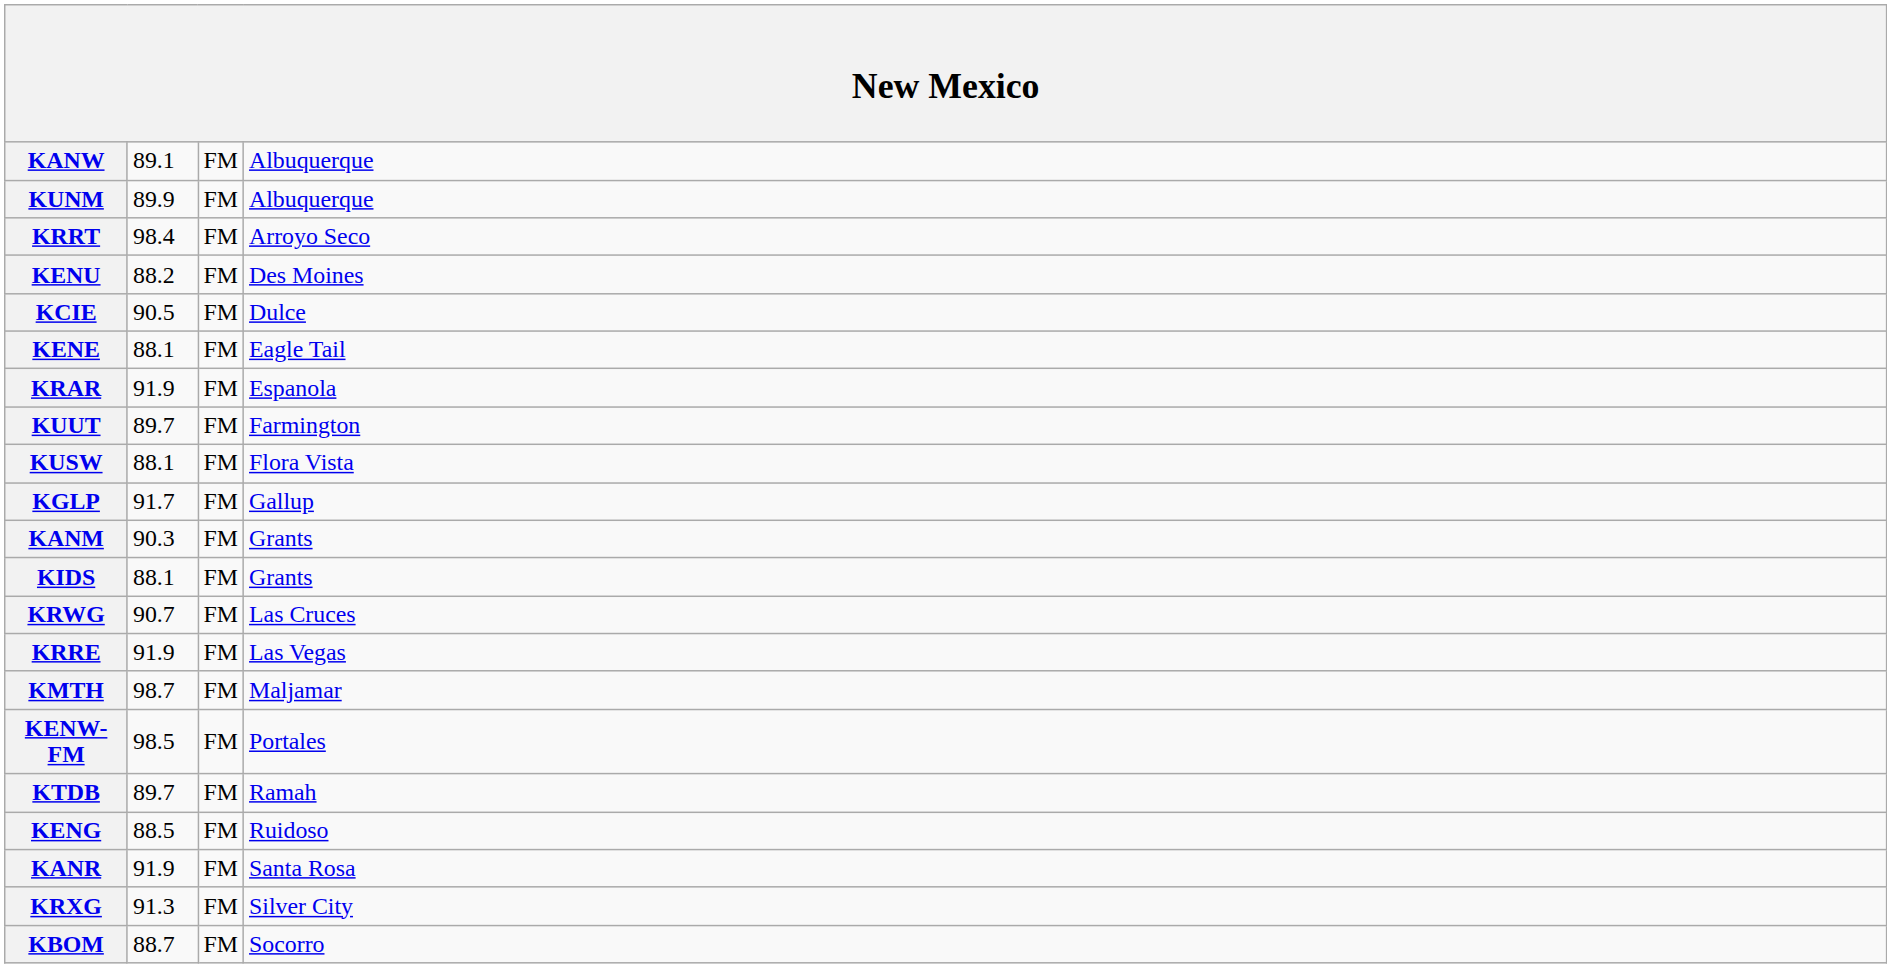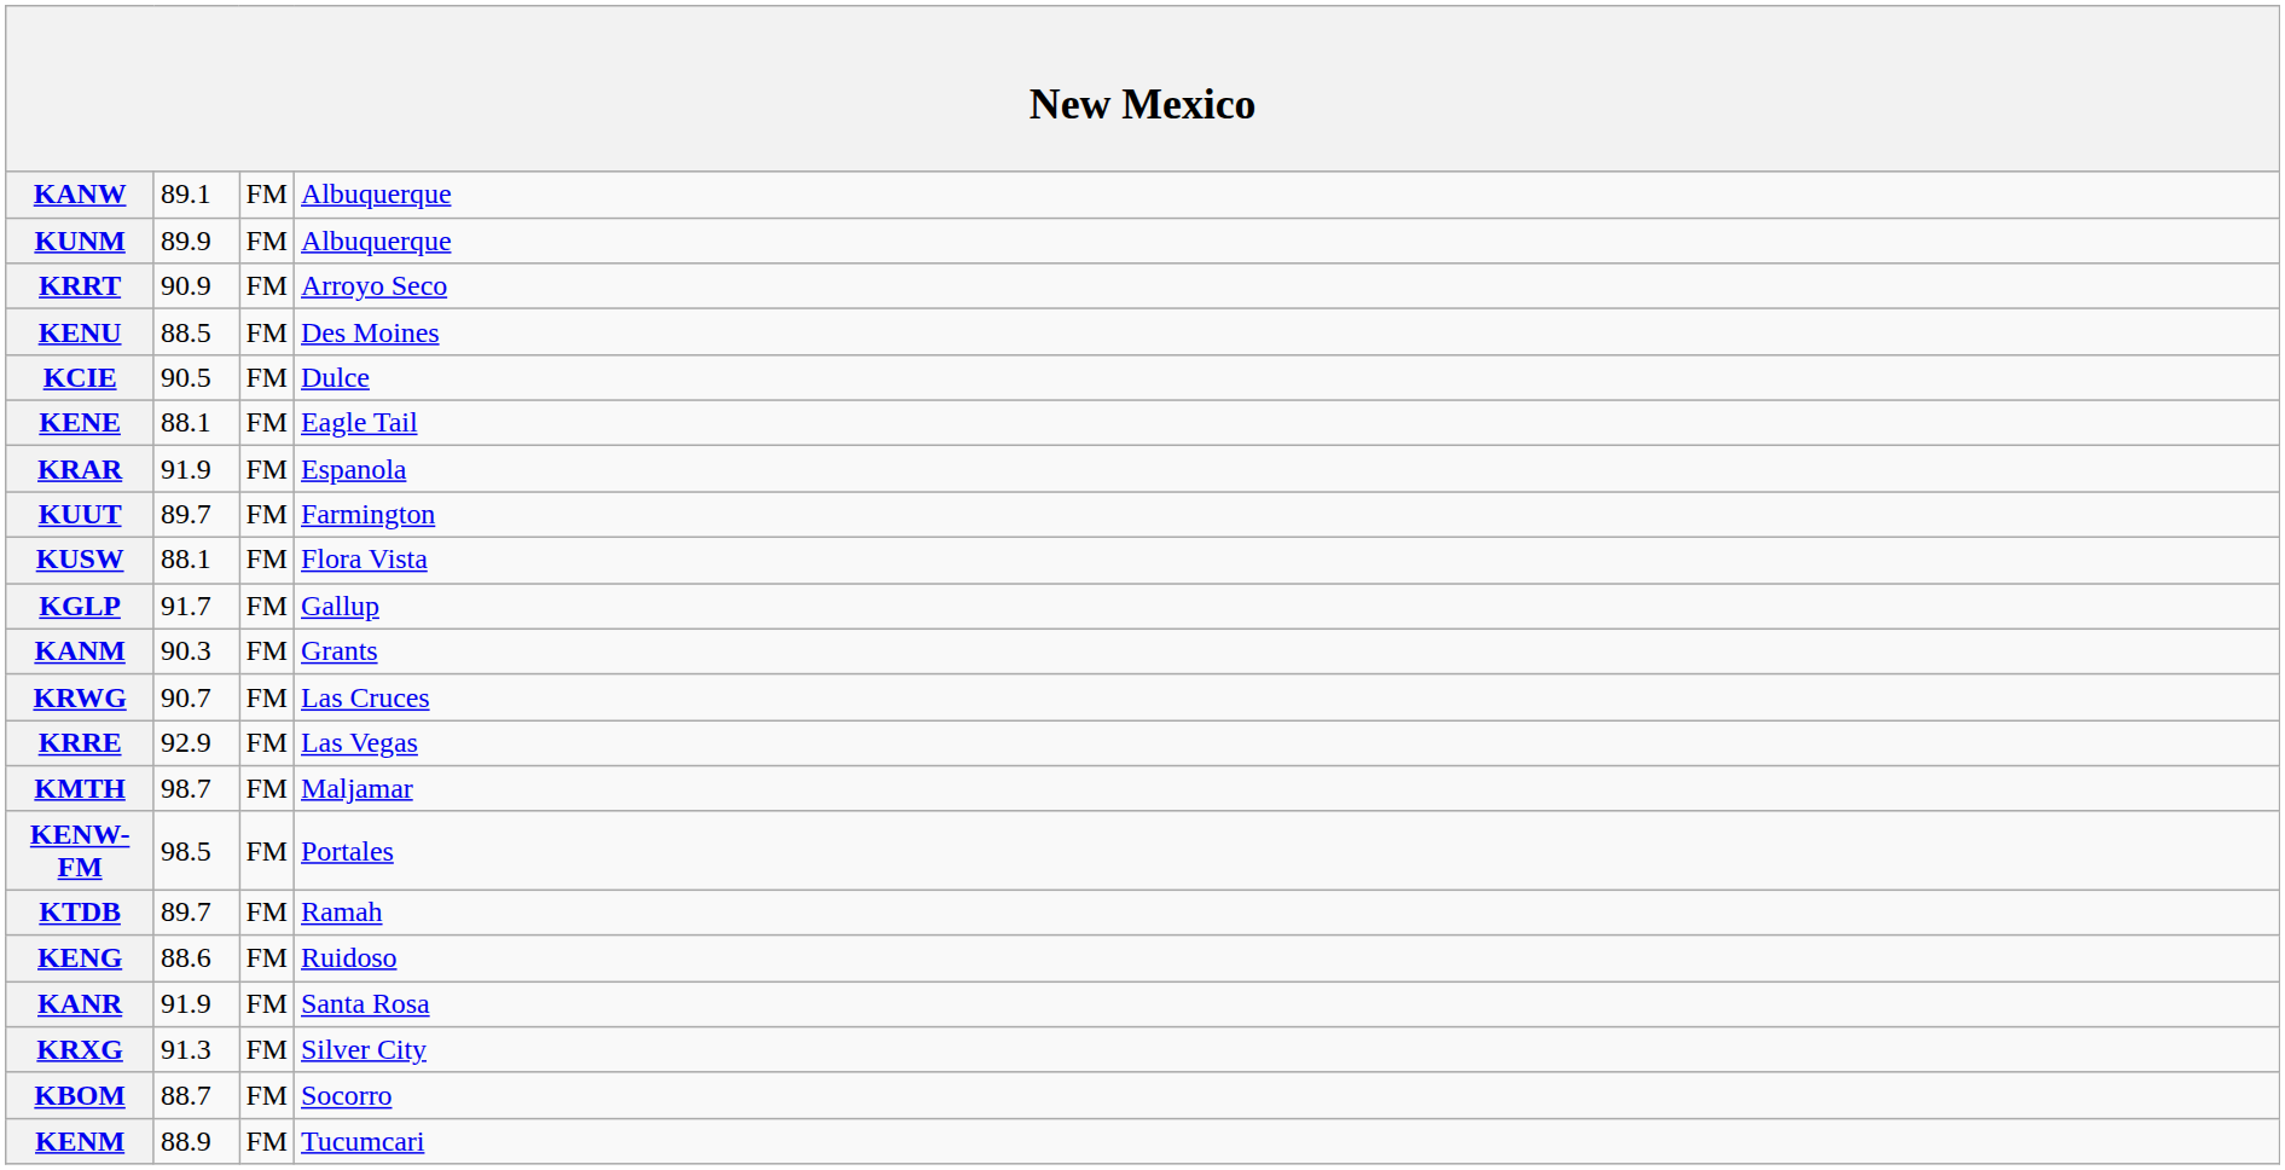 <table class="wikitable mw-collapsible" style="width:100%">
 <tr>
 <th scope="col" colspan="4"><br><h2>New Mexico</h2></th>
 </tr>
 <tr>
 <th scope="row" style="width: 75px;"><a href='#'>KANW</a></th>
 <td style="width: 40px;">89.1</td>
 <td style="width: 21px;">FM</td>
 <td><a href='#'>Albuquerque</a></td>
 </tr>
 <tr>
 <th scope="row"><a href='#'>KUNM</a></th>
 <td>89.9</td>
 <td>FM</td>
 <td><a href='#'>Albuquerque</a></td>
 </tr>
 <tr>
 <th scope="row"><a href='#'>KRRT</a></th>
-<td>98.4</td>
+<td>90.9</td>
 <td>FM</td>
 <td><a href='#'>Arroyo Seco</a></td>
 </tr>
 <tr>
 <th scope="row"><a href='#'>KENU</a></th>
-<td>88.2</td>
+<td>88.5</td>
 <td>FM</td>
 <td><a href='#'>Des Moines</a></td>
 </tr>
 <tr>
 <th scope="row"><a href='#'>KCIE</a></th>
 <td>90.5</td>
 <td>FM</td>
 <td><a href='#'>Dulce</a></td>
 </tr>
 <tr>
 <th scope="row"><a href='#'>KENE</a></th>
 <td>88.1</td>
 <td>FM</td>
 <td><a href='#'>Eagle Tail</a></td>
 </tr>
 <tr>
 <th scope="row"><a href='#'>KRAR</a></th>
 <td>91.9</td>
 <td>FM</td>
 <td><a href='#'>Espanola</a></td>
 </tr>
 <tr>
 <th scope="row"><a href='#'>KUUT</a></th>
 <td>89.7</td>
 <td>FM</td>
 <td><a href='#'>Farmington</a></td>
 </tr>
 <tr>
 <th scope="row"><a href='#'>KUSW</a></th>
 <td>88.1</td>
 <td>FM</td>
 <td><a href='#'>Flora Vista</a></td>
 </tr>
 <tr>
 <th scope="row"><a href='#'>KGLP</a></th>
 <td>91.7</td>
 <td>FM</td>
 <td><a href='#'>Gallup</a></td>
 </tr>
 <tr>
 <th scope="row"><a href='#'>KANM</a></th>
 <td>90.3</td>
 <td>FM</td>
 <td><a href='#'>Grants</a></td>
 </tr>
 <tr>
-<th scope="row"><a href='#'>KIDS</a></th>
-<td>88.1</td>
-<td>FM</td>
-<td><a href='#'>Grants</a></td>
-</tr>
-<tr>
 <th scope="row"><a href='#'>KRWG</a></th>
 <td>90.7</td>
 <td>FM</td>
 <td><a href='#'>Las Cruces</a></td>
 </tr>
 <tr>
 <th scope="row"><a href='#'>KRRE</a></th>
-<td>91.9</td>
+<td>92.9</td>
 <td>FM</td>
 <td><a href='#'>Las Vegas</a></td>
 </tr>
 <tr>
 <th scope="row"><a href='#'>KMTH</a></th>
 <td>98.7</td>
 <td>FM</td>
 <td><a href='#'>Maljamar</a></td>
 </tr>
 <tr>
 <th scope="row"><a href='#'>KENW-FM</a></th>
 <td>98.5</td>
 <td>FM</td>
 <td><a href='#'>Portales</a></td>
 </tr>
 <tr>
 <th scope="row"><a href='#'>KTDB</a></th>
 <td>89.7</td>
 <td>FM</td>
 <td><a href='#'>Ramah</a></td>
 </tr>
 <tr>
 <th scope="row"><a href='#'>KENG</a></th>
-<td>88.5</td>
+<td>88.6</td>
 <td>FM</td>
 <td><a href='#'>Ruidoso</a></td>
 </tr>
 <tr>
 <th scope="row"><a href='#'>KANR</a></th>
 <td>91.9</td>
 <td>FM</td>
 <td><a href='#'>Santa Rosa</a></td>
 </tr>
 <tr>
 <th scope="row"><a href='#'>KRXG</a></th>
 <td>91.3</td>
 <td>FM</td>
 <td><a href='#'>Silver City</a></td>
 </tr>
 <tr>
 <th scope="row"><a href='#'>KBOM</a></th>
 <td>88.7</td>
 <td>FM</td>
 <td><a href='#'>Socorro</a></td>
 </tr>
+<tr>
+<th scope="row"><a href='#'>KENM</a></th>
+<td>88.9</td>
+<td>FM</td>
+<td><a href='#'>Tucumcari</a></td>
+</tr>
 </table>
